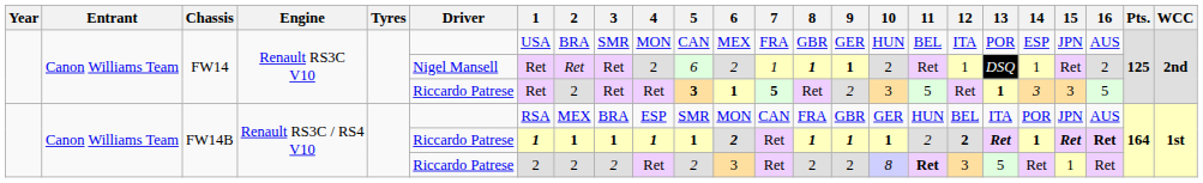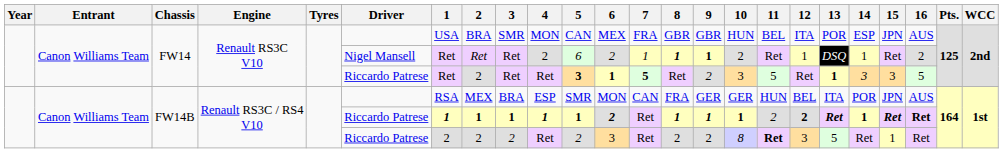 <table class="wikitable" style="text-align:center; font-size:95%">
 <tr>
 <th>Year</th>
 <th>Entrant</th>
 <th>Chassis</th>
 <th>Engine</th>
 <th>Tyres</th>
 <th>Driver</th>
 <th>1</th>
 <th>2</th>
 <th>3</th>
 <th>4</th>
 <th>5</th>
 <th>6</th>
 <th>7</th>
 <th>8</th>
 <th>9</th>
 <th>10</th>
 <th>11</th>
 <th>12</th>
 <th>13</th>
 <th>14</th>
 <th>15</th>
 <th>16</th>
 <th>Pts.</th>
 <th>WCC</th>
 </tr>
 <tr>
 <td rowspan="3"></td>
 <td rowspan="3"><a href='#'>Canon</a> <a href='#'>Williams Team</a></td>
 <td rowspan="3">FW14</td>
 <td rowspan="3"><a href='#'>Renault</a> RS3C<br><a href='#'>V10</a></td>
 <td rowspan="3"></td>
 <td></td>
 <td><a href='#'>USA</a></td>
 <td><a href='#'>BRA</a></td>
 <td><a href='#'>SMR</a></td>
 <td><a href='#'>MON</a></td>
 <td><a href='#'>CAN</a></td>
 <td><a href='#'>MEX</a></td>
 <td><a href='#'>FRA</a></td>
 <td><a href='#'>GBR</a></td>
-<td><a href='#'>GER</a></td>
+<td><a href='#'>GBR</a></td>
 <td><a href='#'>HUN</a></td>
 <td><a href='#'>BEL</a></td>
 <td><a href='#'>ITA</a></td>
 <td><a href='#'>POR</a></td>
 <td><a href='#'>ESP</a></td>
 <td><a href='#'>JPN</a></td>
 <td><a href='#'>AUS</a></td>
 <td rowspan="3" style="background:#dfdfdf;"><strong>125</strong></td>
 <td rowspan="3" style="background:#dfdfdf;"><strong>2nd</strong></td>
 </tr>
 <tr>
 <td align="left"><a href='#'>Nigel Mansell</a></td>
 <td style="background:#efcfff;">Ret</td>
 <td style="background:#efcfff;"><em>Ret</em></td>
 <td style="background:#efcfff;">Ret</td>
 <td style="background:#dfdfdf;">2</td>
 <td style="background:#dfffdf;"><em>6</em></td>
 <td style="background:#dfdfdf;"><em>2</em></td>
 <td style="background:#ffffbf;"><em>1</em></td>
 <td style="background:#ffffbf;"><strong><em>1</em></strong></td>
 <td style="background:#ffffbf;"><strong>1</strong></td>
 <td style="background:#dfdfdf;">2</td>
 <td style="background:#efcfff;">Ret</td>
 <td style="background:#ffffbf;">1</td>
 <td style="background:#000000; color:white"><em>DSQ</em></td>
 <td style="background:#ffffbf;">1</td>
 <td style="background:#efcfff;">Ret</td>
 <td style="background:#dfdfdf;">2</td>
 </tr>
 <tr>
 <td align="left"><a href='#'>Riccardo Patrese</a></td>
 <td style="background:#efcfff;">Ret</td>
 <td style="background:#dfdfdf;">2</td>
 <td style="background:#efcfff;">Ret</td>
 <td style="background:#efcfff;">Ret</td>
 <td style="background:#ffdf9f;"><strong>3</strong></td>
 <td style="background:#ffffbf;"><strong>1</strong></td>
 <td style="background:#dfffdf;"><strong>5</strong></td>
 <td style="background:#efcfff;">Ret</td>
 <td style="background:#dfdfdf;"><em>2</em></td>
 <td style="background:#ffdf9f;">3</td>
 <td style="background:#dfffdf;">5</td>
 <td style="background:#efcfff;">Ret</td>
 <td style="background:#ffffbf;"><strong>1</strong></td>
 <td style="background:#ffdf9f;"><em>3</em></td>
 <td style="background:#ffdf9f;">3</td>
 <td style="background:#dfffdf;">5</td>
 </tr>
 <tr>
 <td rowspan="3"></td>
 <td rowspan="3"><a href='#'>Canon</a> <a href='#'>Williams Team</a></td>
 <td rowspan="3">FW14B</td>
 <td rowspan="3"><a href='#'>Renault</a> RS3C / RS4<br><a href='#'>V10</a></td>
 <td rowspan="3"></td>
 <td></td>
 <td><a href='#'>RSA</a></td>
 <td><a href='#'>MEX</a></td>
 <td><a href='#'>BRA</a></td>
 <td><a href='#'>ESP</a></td>
 <td><a href='#'>SMR</a></td>
 <td><a href='#'>MON</a></td>
 <td><a href='#'>CAN</a></td>
 <td><a href='#'>FRA</a></td>
-<td><a href='#'>GBR</a></td>
+<td><a href='#'>GER</a></td>
 <td><a href='#'>GER</a></td>
 <td><a href='#'>HUN</a></td>
 <td><a href='#'>BEL</a></td>
 <td><a href='#'>ITA</a></td>
 <td><a href='#'>POR</a></td>
 <td><a href='#'>JPN</a></td>
 <td><a href='#'>AUS</a></td>
 <td rowspan="3" style="background:#ffffbf;"><strong>164</strong></td>
 <td rowspan="3" style="background:#ffffbf;"><strong>1st</strong></td>
 </tr>
 <tr>
 <td align="left"><a href='#'>Riccardo Patrese</a></td>
 <td style="background:#ffffbf;"><strong><em>1</em></strong></td>
 <td style="background:#ffffbf;"><strong>1</strong></td>
 <td style="background:#ffffbf;"><strong>1</strong></td>
 <td style="background:#ffffbf;"><strong><em>1</em></strong></td>
 <td style="background:#ffffbf;"><strong>1</strong></td>
 <td style="background:#dfdfdf;"><strong><em>2</em></strong></td>
 <td style="background:#efcfff;">Ret</td>
 <td style="background:#ffffbf;"><strong><em>1</em></strong></td>
 <td style="background:#ffffbf;"><strong><em>1</em></strong></td>
 <td style="background:#ffffbf;"><strong>1</strong></td>
 <td style="background:#dfdfdf;"><em>2</em></td>
 <td style="background:#dfdfdf;"><strong>2</strong></td>
 <td style="background:#efcfff;"><strong><em>Ret</em></strong></td>
 <td style="background:#ffffbf;"><strong>1</strong></td>
 <td style="background:#efcfff;"><strong><em>Ret</em></strong></td>
 <td style="background:#efcfff;"><strong>Ret</strong></td>
 </tr>
 <tr>
 <td align="left"><a href='#'>Riccardo Patrese</a></td>
 <td style="background:#dfdfdf;">2</td>
 <td style="background:#dfdfdf;">2</td>
 <td style="background:#dfdfdf;"><em>2</em></td>
 <td style="background:#efcfff;">Ret</td>
 <td style="background:#dfdfdf;"><em>2</em></td>
 <td style="background:#ffdf9f;">3</td>
 <td style="background:#efcfff;">Ret</td>
 <td style="background:#dfdfdf;">2</td>
 <td style="background:#dfdfdf;">2</td>
 <td style="background:#cfcfff;"><em>8</em></td>
 <td style="background:#efcfff;"><strong>Ret</strong></td>
 <td style="background:#ffdf9f;">3</td>
 <td style="background:#dfffdf;">5</td>
 <td style="background:#efcfff;">Ret</td>
 <td style="background:#ffffbf;">1</td>
 <td style="background:#efcfff;">Ret</td>
 </tr>
 </table>
